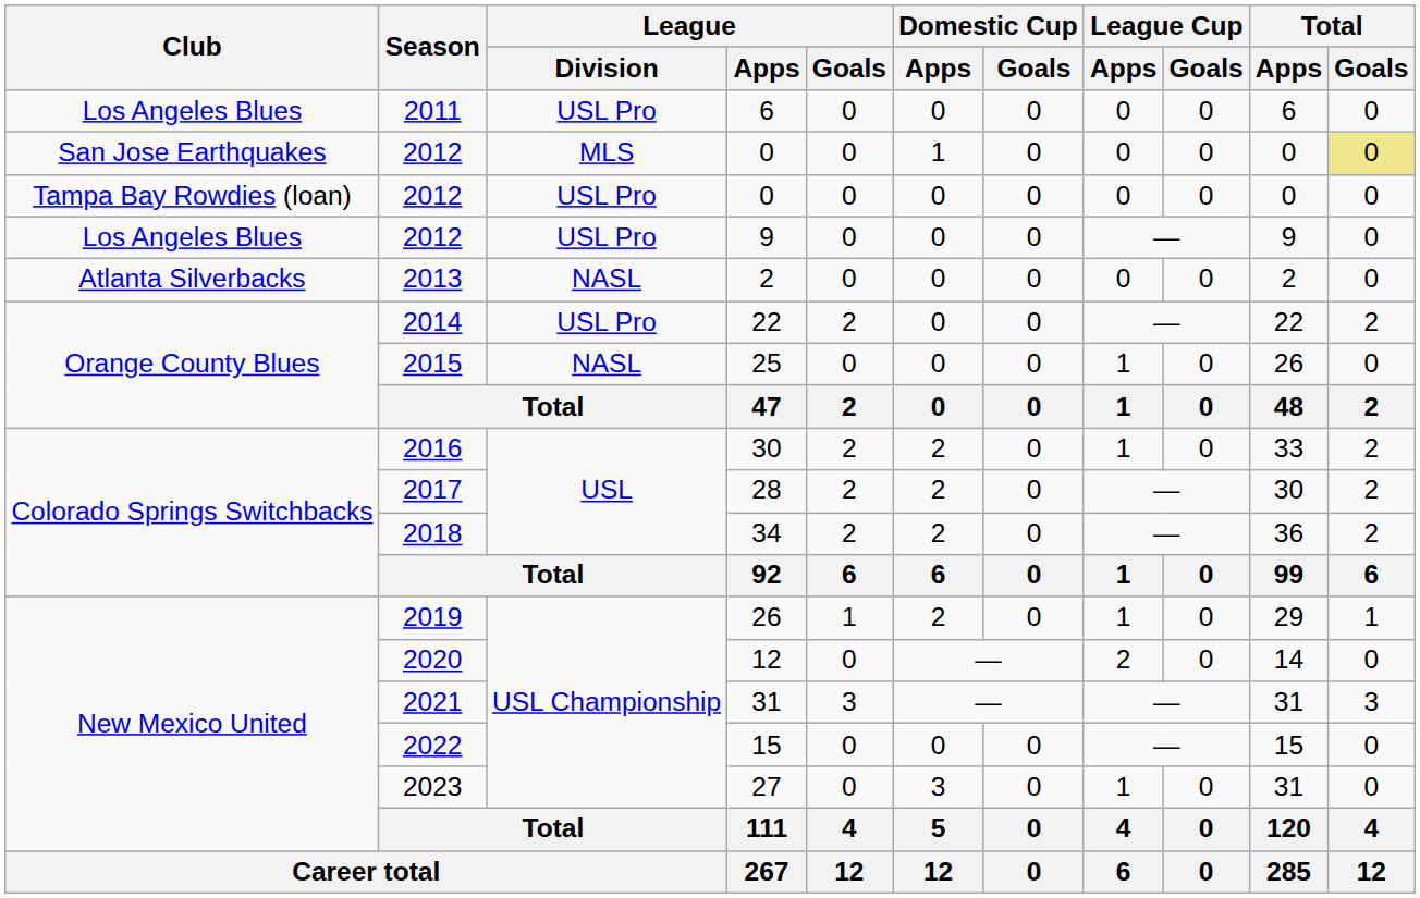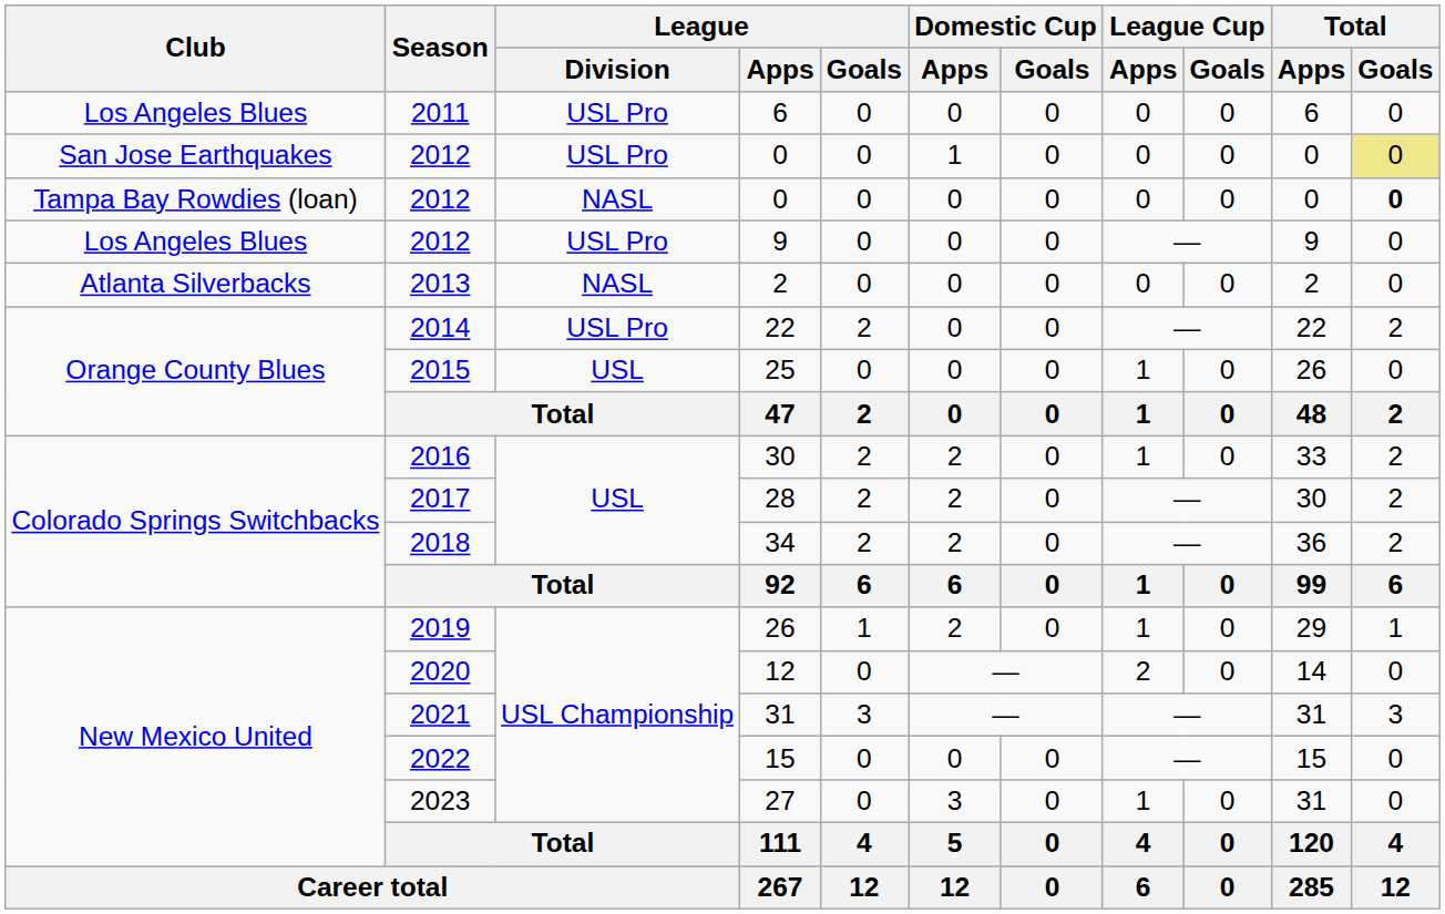 <table class="wikitable" style="text-align: center">
 <tr>
 <th rowspan="2">Club</th>
 <th rowspan="2">Season</th>
 <th colspan="3">League</th>
 <th colspan="2">Domestic Cup</th>
 <th colspan="2">League Cup</th>
 <th colspan="2">Total</th>
 </tr>
 <tr>
 <th>Division</th>
 <th>Apps</th>
 <th>Goals</th>
 <th>Apps</th>
 <th>Goals</th>
 <th>Apps</th>
 <th>Goals</th>
 <th>Apps</th>
 <th>Goals</th>
 </tr>
 <tr>
 <td><a href='#'>Los Angeles Blues</a></td>
 <td><a href='#'>2011</a></td>
 <td><a href='#'>USL Pro</a></td>
 <td>6</td>
 <td>0</td>
 <td>0</td>
 <td>0</td>
 <td>0</td>
 <td>0</td>
 <td>6</td>
 <td>0</td>
 </tr>
 <tr>
 <td><a href='#'>San Jose Earthquakes</a></td>
 <td><a href='#'>2012</a></td>
-<td><a href='#'>MLS</a></td>
+<td><a href='#'>USL Pro</a></td>
 <td>0</td>
 <td>0</td>
 <td>1</td>
 <td>0</td>
 <td>0</td>
 <td>0</td>
 <td>0</td>
 <td style="background: khaki;">0</td>
 </tr>
 <tr>
 <td><a href='#'>Tampa Bay Rowdies</a> (loan)</td>
 <td><a href='#'>2012</a></td>
-<td><a href='#'>USL Pro</a></td>
+<td><a href='#'>NASL</a></td>
 <td>0</td>
 <td>0</td>
 <td>0</td>
 <td>0</td>
 <td>0</td>
 <td>0</td>
 <td>0</td>
-<td>0</td>
+<td><strong>0</strong></td>
 </tr>
 <tr>
 <td><a href='#'>Los Angeles Blues</a></td>
 <td><a href='#'>2012</a></td>
 <td><a href='#'>USL Pro</a></td>
 <td>9</td>
 <td>0</td>
 <td>0</td>
 <td>0</td>
 <td colspan="2">—</td>
 <td>9</td>
 <td>0</td>
 </tr>
 <tr>
 <td><a href='#'>Atlanta Silverbacks</a></td>
 <td><a href='#'>2013</a></td>
 <td><a href='#'>NASL</a></td>
 <td>2</td>
 <td>0</td>
 <td>0</td>
 <td>0</td>
 <td>0</td>
 <td>0</td>
 <td>2</td>
 <td>0</td>
 </tr>
 <tr>
 <td rowspan="3"><a href='#'>Orange County Blues</a></td>
 <td><a href='#'>2014</a></td>
 <td><a href='#'>USL Pro</a></td>
 <td>22</td>
 <td>2</td>
 <td>0</td>
 <td>0</td>
 <td colspan="2">—</td>
 <td>22</td>
 <td>2</td>
 </tr>
 <tr>
 <td><a href='#'>2015</a></td>
-<td><a href='#'>NASL</a></td>
+<td><a href='#'>USL</a></td>
 <td>25</td>
 <td>0</td>
 <td>0</td>
 <td>0</td>
 <td>1</td>
 <td>0</td>
 <td>26</td>
 <td>0</td>
 </tr>
 <tr>
 <th colspan="2">Total</th>
 <th>47</th>
 <th>2</th>
 <th>0</th>
 <th>0</th>
 <th>1</th>
 <th>0</th>
 <th>48</th>
 <th>2</th>
 </tr>
 <tr>
 <td rowspan="4"><a href='#'>Colorado Springs Switchbacks</a></td>
 <td><a href='#'>2016</a></td>
 <td rowspan="3"><a href='#'>USL</a></td>
 <td>30</td>
 <td>2</td>
 <td>2</td>
 <td>0</td>
 <td>1</td>
 <td>0</td>
 <td>33</td>
 <td>2</td>
 </tr>
 <tr>
 <td><a href='#'>2017</a></td>
 <td>28</td>
 <td>2</td>
 <td>2</td>
 <td>0</td>
 <td colspan="2">—</td>
 <td>30</td>
 <td>2</td>
 </tr>
 <tr>
 <td><a href='#'>2018</a></td>
 <td>34</td>
 <td>2</td>
 <td>2</td>
 <td>0</td>
 <td colspan="2">—</td>
 <td>36</td>
 <td>2</td>
 </tr>
 <tr>
 <th colspan="2">Total</th>
 <th>92</th>
 <th>6</th>
 <th>6</th>
 <th>0</th>
 <th>1</th>
 <th>0</th>
 <th>99</th>
 <th>6</th>
 </tr>
 <tr>
 <td rowspan="6"><a href='#'>New Mexico United</a></td>
 <td><a href='#'>2019</a></td>
 <td rowspan="5"><a href='#'>USL Championship</a></td>
 <td>26</td>
 <td>1</td>
 <td>2</td>
 <td>0</td>
 <td>1</td>
 <td>0</td>
 <td>29</td>
 <td>1</td>
 </tr>
 <tr>
 <td><a href='#'>2020</a></td>
 <td>12</td>
 <td>0</td>
 <td colspan="2">—</td>
 <td>2</td>
 <td>0</td>
 <td>14</td>
 <td>0</td>
 </tr>
 <tr>
 <td><a href='#'>2021</a></td>
 <td>31</td>
 <td>3</td>
 <td colspan="2">—</td>
 <td colspan="2">—</td>
 <td>31</td>
 <td>3</td>
 </tr>
 <tr>
 <td><a href='#'>2022</a></td>
 <td>15</td>
 <td>0</td>
 <td>0</td>
 <td>0</td>
 <td colspan="2">—</td>
 <td>15</td>
 <td>0</td>
 </tr>
 <tr>
 <td>2023</td>
 <td>27</td>
 <td>0</td>
 <td>3</td>
 <td>0</td>
 <td>1</td>
 <td>0</td>
 <td>31</td>
 <td>0</td>
 </tr>
 <tr>
 <th colspan="2">Total</th>
 <th>111</th>
 <th>4</th>
 <th>5</th>
 <th>0</th>
 <th>4</th>
 <th>0</th>
 <th>120</th>
 <th>4</th>
 </tr>
 <tr>
 <th colspan="3">Career total</th>
 <th>267</th>
 <th>12</th>
 <th>12</th>
 <th>0</th>
 <th>6</th>
 <th>0</th>
 <th>285</th>
 <th>12</th>
 </tr>
 </table>
